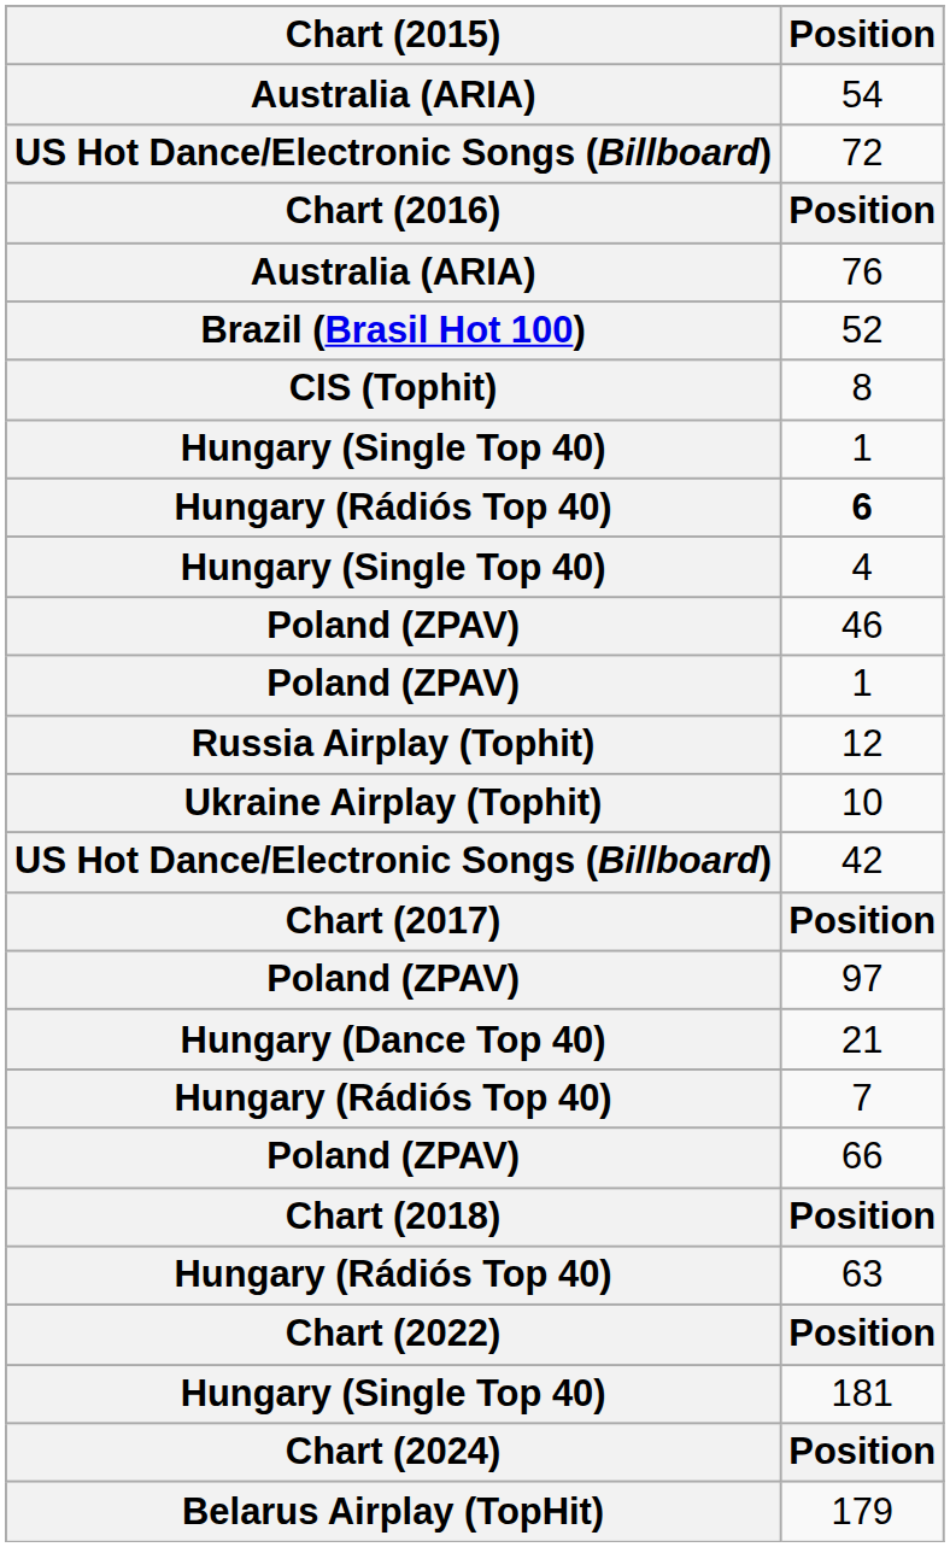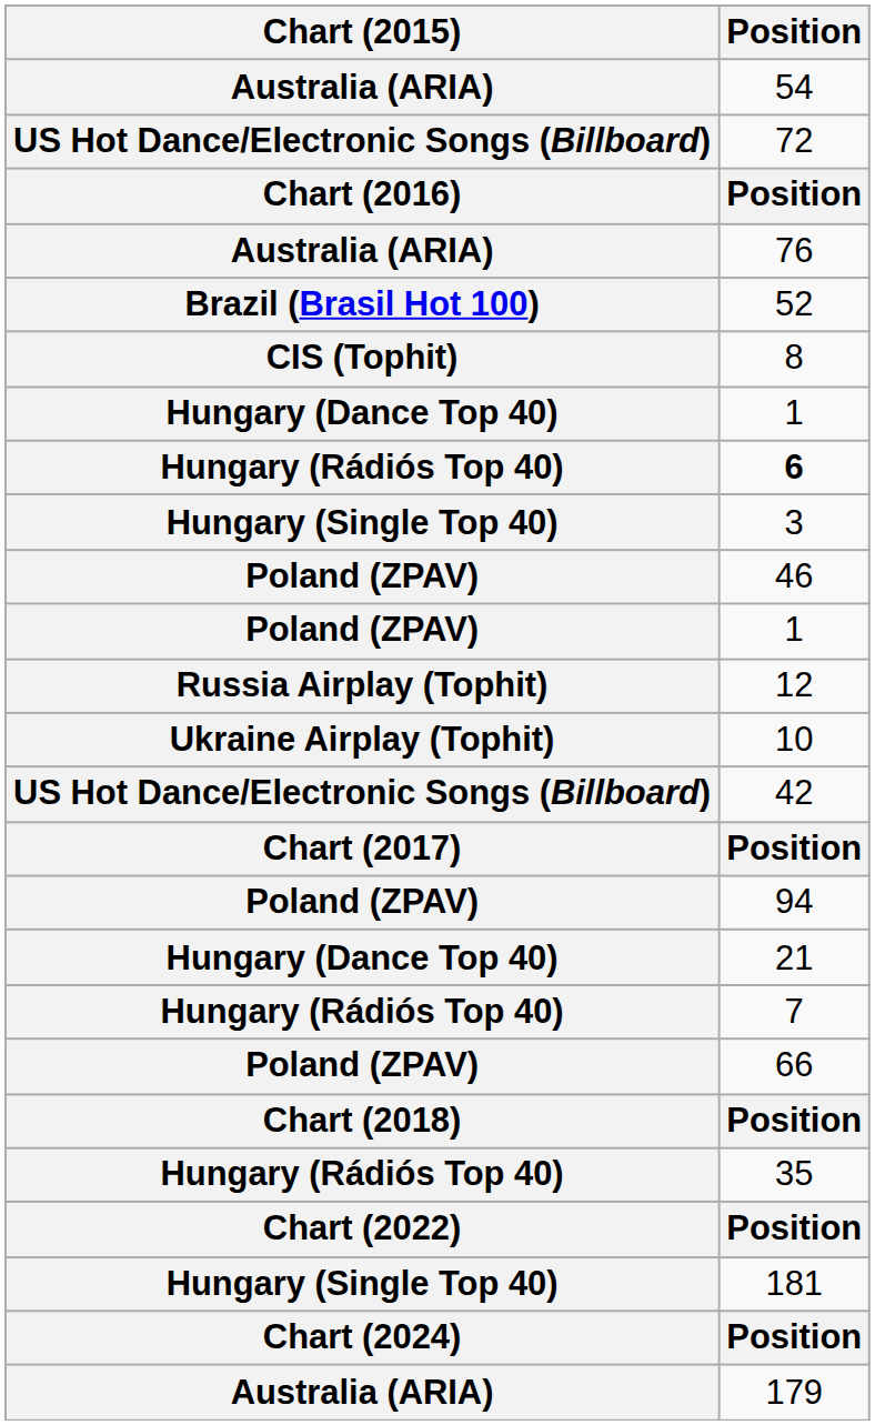 <table class="wikitable sortable plainrowheaders" style="text-align:center">
 <tr>
 <th>Chart (2015)</th>
 <th>Position</th>
 </tr>
 <tr>
 <th scope="row">Australia (ARIA)</th>
 <td>54</td>
 </tr>
 <tr>
 <th scope="row">US Hot Dance/Electronic Songs (<em>Billboard</em>)</th>
 <td>72</td>
 </tr>
 <tr>
 <th>Chart (2016)</th>
 <th>Position</th>
 </tr>
 <tr>
 <th scope="row">Australia (ARIA)</th>
 <td>76</td>
 </tr>
 <tr>
 <th scope="row">Brazil (<a href='#'>Brasil Hot 100</a>)</th>
 <td>52</td>
 </tr>
 <tr>
 <th scope="row">CIS (Tophit)</th>
 <td style="text-align:center;">8</td>
 </tr>
 <tr>
-<th scope="row">Hungary (Single Top 40)</th>
+<th scope="row">Hungary (Dance Top 40)</th>
 <td>1</td>
 </tr>
 <tr>
 <th scope="row">Hungary (Rádiós Top 40)</th>
 <td><strong>6</strong></td>
 </tr>
 <tr>
 <th scope="row">Hungary (Single Top 40)</th>
-<td>4</td>
+<td>3</td>
 </tr>
 <tr>
 <th scope="row">Poland (ZPAV)</th>
 <td>46</td>
 </tr>
 <tr>
 <th scope="row">Poland (ZPAV)</th>
 <td>1</td>
 </tr>
 <tr>
 <th scope="row">Russia Airplay (Tophit)</th>
 <td style="text-align:center;">12</td>
 </tr>
 <tr>
 <th scope="row">Ukraine Airplay (Tophit)</th>
 <td style="text-align:center;">10</td>
 </tr>
 <tr>
 <th scope="row">US Hot Dance/Electronic Songs (<em>Billboard</em>)</th>
 <td>42</td>
 </tr>
 <tr>
 <th>Chart (2017)</th>
 <th>Position</th>
 </tr>
 <tr>
 <th scope="row">Poland (ZPAV)</th>
-<td>97</td>
+<td>94</td>
 </tr>
 <tr>
 <th scope="row">Hungary (Dance Top 40)</th>
 <td>21</td>
 </tr>
 <tr>
 <th scope="row">Hungary (Rádiós Top 40)</th>
 <td>7</td>
 </tr>
 <tr>
 <th scope="row">Poland (ZPAV)</th>
 <td>66</td>
 </tr>
 <tr>
 <th>Chart (2018)</th>
 <th>Position</th>
 </tr>
 <tr>
 <th scope="row">Hungary (Rádiós Top 40)</th>
-<td>63</td>
+<td>35</td>
 </tr>
 <tr>
 <th>Chart (2022)</th>
 <th>Position</th>
 </tr>
 <tr>
 <th scope="row">Hungary (Single Top 40)</th>
 <td>181</td>
 </tr>
 <tr>
 <th>Chart (2024)</th>
 <th>Position</th>
 </tr>
 <tr>
-<th scope="row">Belarus Airplay (TopHit)</th>
+<th scope="row">Australia (ARIA)</th>
 <td>179</td>
 </tr>
 </table>
